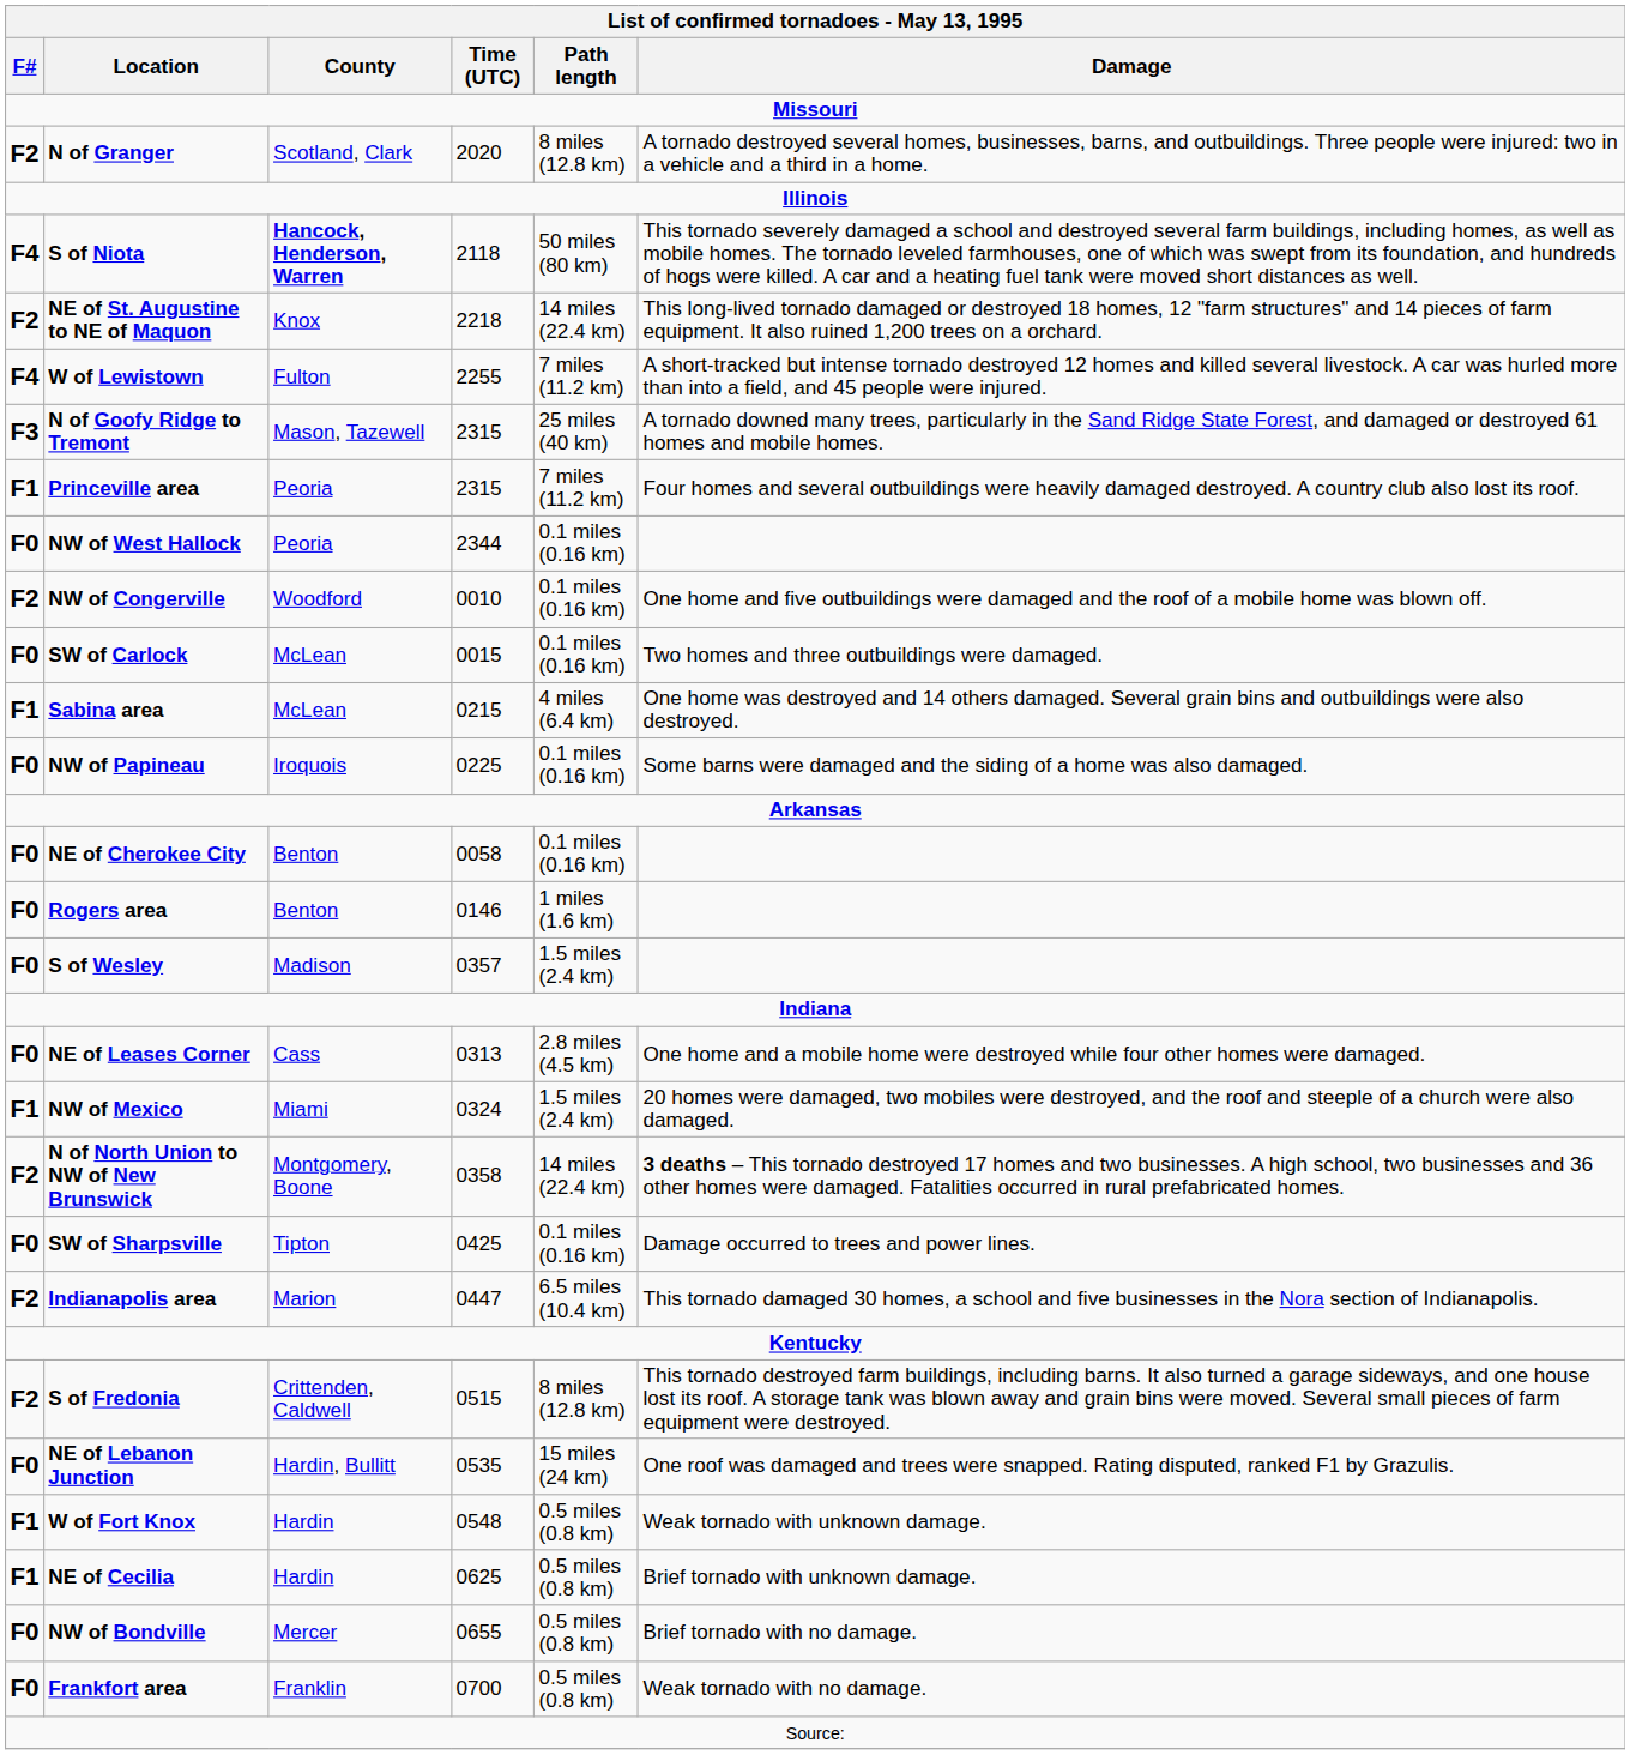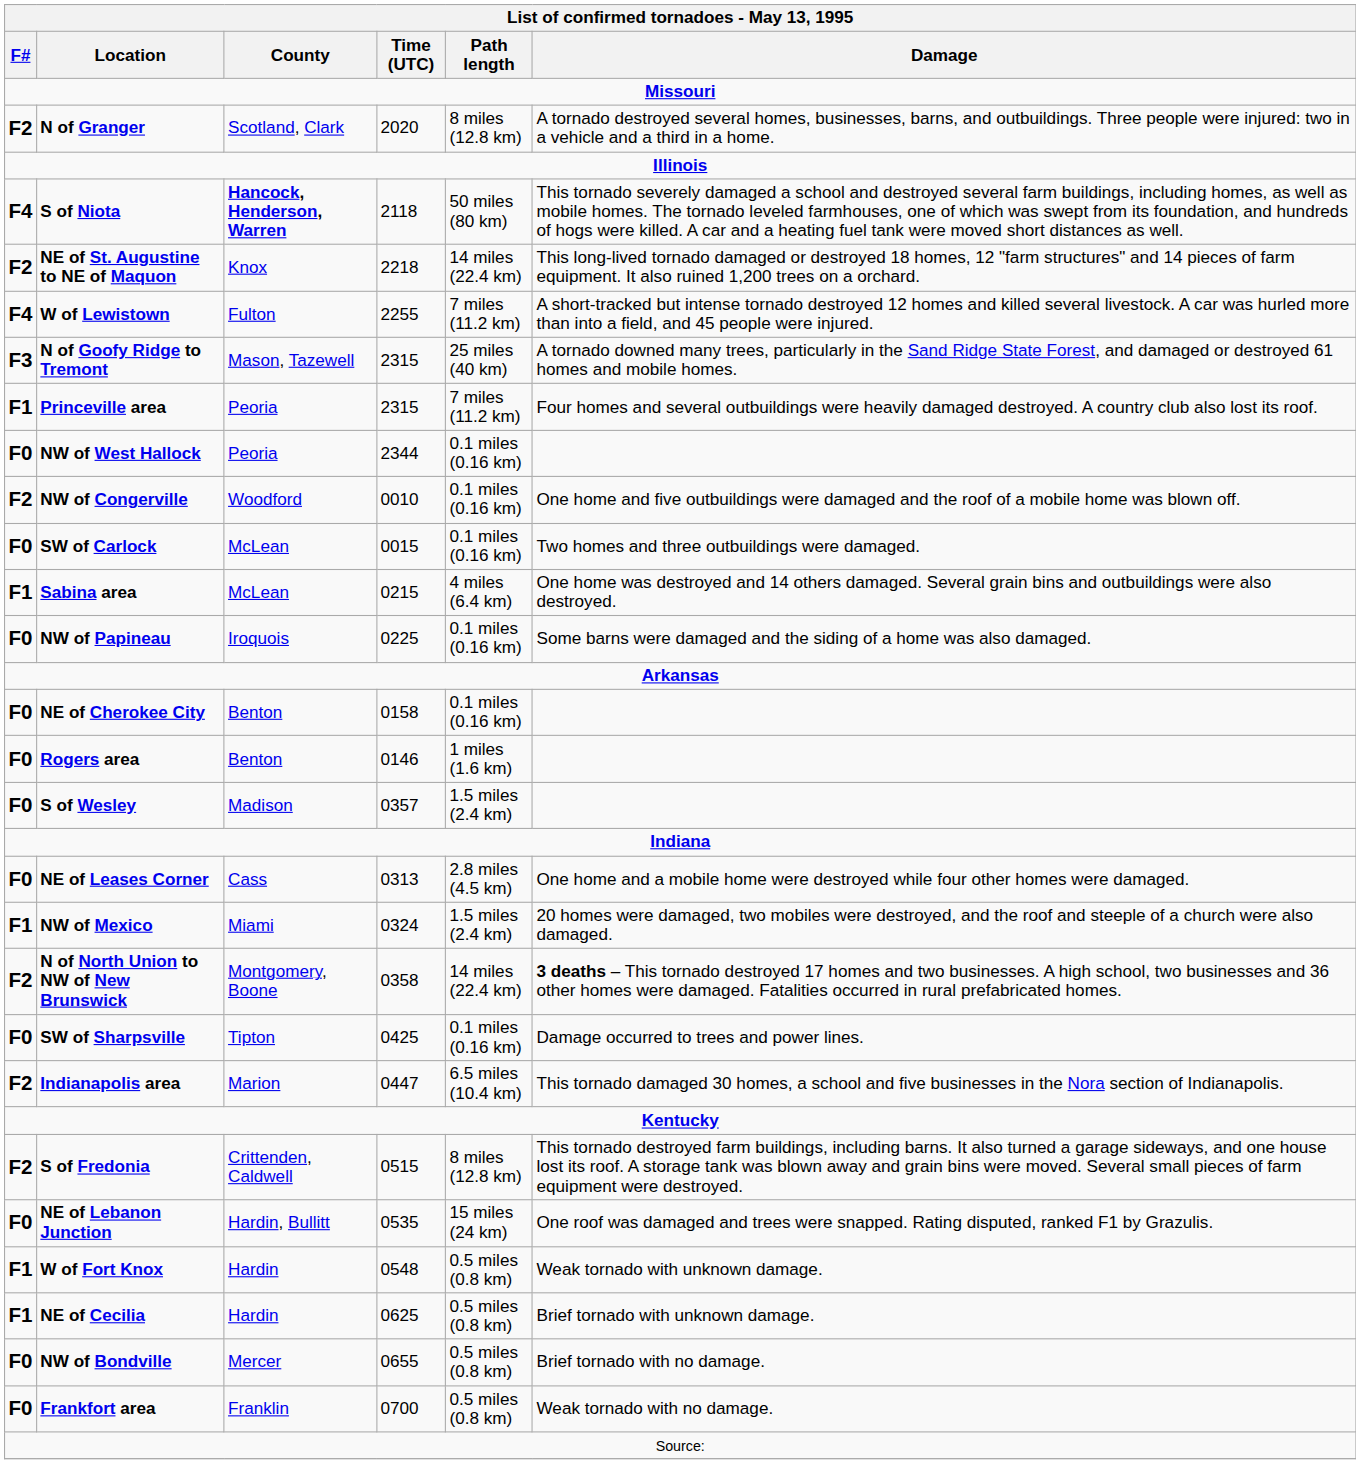 <table class="wikitable collapsible" width="100%">
 <tr>
 <th colspan="6">List of confirmed tornadoes - May 13, 1995</th>
 </tr>
 <tr>
 <th><a href='#'>F#</a></th>
 <th>Location</th>
 <th>County</th>
 <th>Time (UTC)</th>
 <th>Path length</th>
 <th>Damage</th>
 </tr>
 <tr>
 <td colspan="7" align=center><strong><a href='#'>Missouri</a></strong></td>
 </tr>
 <tr>
 <td><big><strong>F2</strong></big></td>
 <td><strong>N of <a href='#'>Granger</a></strong></td>
 <td><a href='#'>Scotland</a>, <a href='#'>Clark</a></td>
 <td>2020</td>
 <td>8 miles <br> (12.8 km)</td>
 <td>A tornado destroyed several homes, businesses, barns, and outbuildings. Three people were injured: two in a vehicle and a third in a home.</td>
 </tr>
 <tr>
 <td colspan="7" align=center><strong><a href='#'>Illinois</a></strong></td>
 </tr>
 <tr>
 <td><big><strong>F4</strong></big></td>
 <td><strong>S of <a href='#'>Niota</a></strong></td>
 <td><strong><a href='#'>Hancock</a>, <a href='#'>Henderson</a>, <a href='#'>Warren</a></strong></td>
 <td>2118</td>
 <td>50 miles <br> (80 km)</td>
 <td>This tornado severely damaged a school and destroyed several farm buildings, including homes, as well as mobile homes. The tornado leveled farmhouses, one of which was swept from its foundation, and hundreds of hogs were killed. A car and a heating fuel tank were moved short distances as well.</td>
 </tr>
 <tr>
 <td><big><strong>F2</strong></big></td>
 <td><strong>NE of <a href='#'>St. Augustine</a> to NE of <a href='#'>Maquon</a></strong></td>
 <td><a href='#'>Knox</a></td>
 <td>2218</td>
 <td>14 miles <br> (22.4 km)</td>
 <td>This long-lived tornado damaged or destroyed 18 homes, 12 "farm structures" and 14 pieces of farm equipment. It also ruined 1,200 trees on a  orchard.</td>
 </tr>
 <tr>
 <td><big><strong>F4</strong></big></td>
 <td><strong>W of <a href='#'>Lewistown</a></strong></td>
 <td><a href='#'>Fulton</a></td>
 <td>2255</td>
 <td>7 miles <br> (11.2 km)</td>
 <td>A short-tracked but intense tornado destroyed 12 homes and killed several livestock. A car was hurled more than  into a field, and 45 people were injured.</td>
 </tr>
 <tr>
 <td><big><strong>F3</strong></big></td>
 <td><strong>N of <a href='#'>Goofy Ridge</a> to <a href='#'>Tremont</a></strong></td>
 <td><a href='#'>Mason</a>, <a href='#'>Tazewell</a></td>
 <td>2315</td>
 <td>25 miles <br> (40 km)</td>
 <td>A tornado downed many trees, particularly in the <a href='#'>Sand Ridge State Forest</a>, and damaged or destroyed 61 homes and mobile homes.</td>
 </tr>
 <tr>
 <td><big><strong>F1</strong></big></td>
 <td><strong><a href='#'>Princeville</a> area</strong></td>
 <td><a href='#'>Peoria</a></td>
 <td>2315</td>
 <td>7 miles <br> (11.2 km)</td>
 <td>Four homes and several outbuildings were heavily damaged destroyed. A country club also lost its roof.</td>
 </tr>
 <tr>
 <td><big><strong>F0</strong></big></td>
 <td><strong>NW of <a href='#'>West Hallock</a></strong></td>
 <td><a href='#'>Peoria</a></td>
 <td>2344</td>
 <td>0.1 miles <br> (0.16 km)</td>
 <td></td>
 </tr>
 <tr>
 <td><big><strong>F2</strong></big></td>
 <td><strong>NW of <a href='#'>Congerville</a></strong></td>
 <td><a href='#'>Woodford</a></td>
 <td>0010</td>
 <td>0.1 miles <br> (0.16 km)</td>
 <td>One home and five outbuildings were damaged and the roof of a mobile home was blown off.</td>
 </tr>
 <tr>
 <td><big><strong>F0</strong></big></td>
 <td><strong>SW of <a href='#'>Carlock</a></strong></td>
 <td><a href='#'>McLean</a></td>
 <td>0015</td>
 <td>0.1 miles <br> (0.16 km)</td>
 <td>Two homes and three outbuildings were damaged.</td>
 </tr>
 <tr>
 <td><big><strong>F1</strong></big></td>
 <td><strong><a href='#'>Sabina</a> area</strong></td>
 <td><a href='#'>McLean</a></td>
 <td>0215</td>
 <td>4 miles <br> (6.4 km)</td>
 <td>One home was destroyed and 14 others damaged. Several grain bins and outbuildings were also destroyed.</td>
 </tr>
 <tr>
 <td><big><strong>F0</strong></big></td>
 <td><strong>NW of <a href='#'>Papineau</a></strong></td>
 <td><a href='#'>Iroquois</a></td>
 <td>0225</td>
 <td>0.1 miles <br> (0.16 km)</td>
 <td>Some barns were damaged and the siding of a home was also damaged.</td>
 </tr>
 <tr>
 <td colspan="7" align=center><strong><a href='#'>Arkansas</a></strong></td>
 </tr>
 <tr>
 <td><big><strong>F0</strong></big></td>
 <td><strong>NE of <a href='#'>Cherokee City</a></strong></td>
 <td><a href='#'>Benton</a></td>
-<td>0058</td>
+<td>0158</td>
 <td>0.1 miles <br> (0.16 km)</td>
 <td></td>
 </tr>
 <tr>
 <td><big><strong>F0</strong></big></td>
 <td><strong><a href='#'>Rogers</a> area</strong></td>
 <td><a href='#'>Benton</a></td>
 <td>0146</td>
 <td>1 miles <br> (1.6 km)</td>
 <td></td>
 </tr>
 <tr>
 <td><big><strong>F0</strong></big></td>
 <td><strong>S of <a href='#'>Wesley</a></strong></td>
 <td><a href='#'>Madison</a></td>
 <td>0357</td>
 <td>1.5 miles <br> (2.4 km)</td>
 <td></td>
 </tr>
 <tr>
 <td colspan="7" align=center><strong><a href='#'>Indiana</a></strong></td>
 </tr>
 <tr>
 <td><big><strong>F0</strong></big></td>
 <td><strong>NE of <a href='#'>Leases Corner</a></strong></td>
 <td><a href='#'>Cass</a></td>
 <td>0313</td>
 <td>2.8 miles <br> (4.5 km)</td>
 <td>One home and a mobile home were destroyed while four other homes were damaged.</td>
 </tr>
 <tr>
 <td><big><strong>F1</strong></big></td>
 <td><strong>NW of <a href='#'>Mexico</a></strong></td>
 <td><a href='#'>Miami</a></td>
 <td>0324</td>
 <td>1.5 miles <br> (2.4 km)</td>
 <td>20 homes were damaged, two mobiles were destroyed, and the roof and steeple of a church were also damaged.</td>
 </tr>
 <tr>
 <td><big><strong>F2</strong></big></td>
 <td><strong>N of <a href='#'>North Union</a> to NW of <a href='#'>New Brunswick</a></strong></td>
 <td><a href='#'>Montgomery</a>, <a href='#'>Boone</a></td>
 <td>0358</td>
 <td>14 miles <br> (22.4 km)</td>
 <td><strong>3 deaths</strong> – This tornado destroyed 17 homes and two businesses. A high school, two businesses and 36 other homes were damaged. Fatalities occurred in rural prefabricated homes.</td>
 </tr>
 <tr>
 <td><big><strong>F0</strong></big></td>
 <td><strong>SW of <a href='#'>Sharpsville</a></strong></td>
 <td><a href='#'>Tipton</a></td>
 <td>0425</td>
 <td>0.1 miles <br> (0.16 km)</td>
 <td>Damage occurred to trees and power lines.</td>
 </tr>
 <tr>
 <td><big><strong>F2</strong></big></td>
 <td><strong><a href='#'>Indianapolis</a> area</strong></td>
 <td><a href='#'>Marion</a></td>
 <td>0447</td>
 <td>6.5 miles <br> (10.4 km)</td>
 <td>This tornado damaged 30 homes, a school and five businesses in the <a href='#'>Nora</a> section of Indianapolis.</td>
 </tr>
 <tr>
 <td colspan="7" align=center><strong><a href='#'>Kentucky</a></strong></td>
 </tr>
 <tr>
 <td><big><strong>F2</strong></big></td>
 <td><strong>S of <a href='#'>Fredonia</a></strong></td>
 <td><a href='#'>Crittenden</a>, <a href='#'>Caldwell</a></td>
 <td>0515</td>
 <td>8 miles <br> (12.8 km)</td>
 <td>This tornado destroyed farm buildings, including barns. It also turned a garage sideways, and one house lost its roof. A storage tank was blown away and grain bins were moved. Several small pieces of farm equipment were destroyed.</td>
 </tr>
 <tr>
 <td><big><strong>F0</strong></big></td>
 <td><strong>NE of <a href='#'>Lebanon Junction</a></strong></td>
 <td><a href='#'>Hardin</a>, <a href='#'>Bullitt</a></td>
 <td>0535</td>
 <td>15 miles <br> (24 km)</td>
 <td>One roof was damaged and trees were snapped. Rating disputed, ranked F1 by Grazulis.</td>
 </tr>
 <tr>
 <td><big><strong>F1</strong></big></td>
 <td><strong>W of <a href='#'>Fort Knox</a></strong></td>
 <td><a href='#'>Hardin</a></td>
 <td>0548</td>
 <td>0.5 miles <br> (0.8 km)</td>
 <td>Weak tornado with unknown damage.</td>
 </tr>
 <tr>
 <td><big><strong>F1</strong></big></td>
 <td><strong>NE of <a href='#'>Cecilia</a></strong></td>
 <td><a href='#'>Hardin</a></td>
 <td>0625</td>
 <td>0.5 miles <br> (0.8 km)</td>
 <td>Brief tornado with unknown damage.</td>
 </tr>
 <tr>
 <td><big><strong>F0</strong></big></td>
 <td><strong>NW of <a href='#'>Bondville</a></strong></td>
 <td><a href='#'>Mercer</a></td>
 <td>0655</td>
 <td>0.5 miles <br> (0.8 km)</td>
 <td>Brief tornado with no damage.</td>
 </tr>
 <tr>
 <td><big><strong>F0</strong></big></td>
 <td><strong><a href='#'>Frankfort</a> area</strong></td>
 <td><a href='#'>Franklin</a></td>
 <td>0700</td>
 <td>0.5 miles <br> (0.8 km)</td>
 <td>Weak tornado with no damage.</td>
 </tr>
 <tr>
 <td colspan="7" align=center><small>Source:  </small></td>
 </tr>
 <tr>
 </tr>
 </table>
